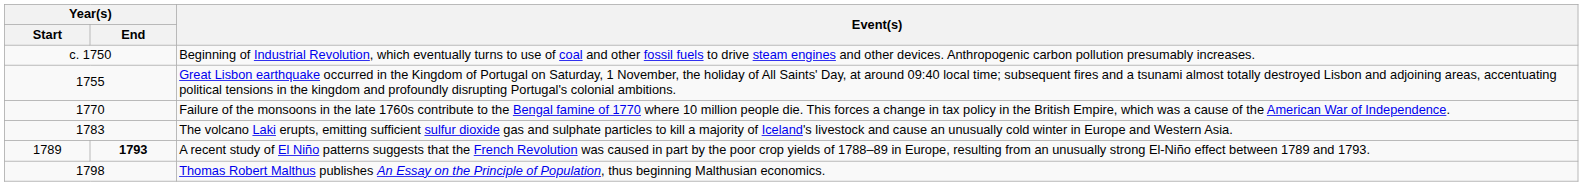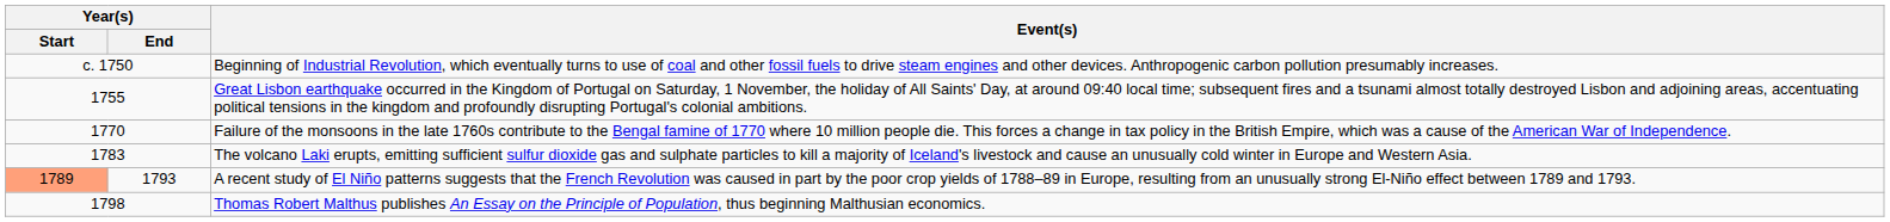 <table class="wikitable">
 <tr>
 <th colspan="2">Year(s)</th>
 <th rowspan="2">Event(s)</th>
 </tr>
 <tr>
 <th style="width:100px;">Start</th>
 <th style="width:100px;">End</th>
 </tr>
 <tr>
 <td colspan="2" style="text-align:center;">c. 1750</td>
 <td>Beginning of <a href='#'>Industrial Revolution</a>, which eventually turns to use of <a href='#'>coal</a> and other <a href='#'>fossil fuels</a> to drive <a href='#'>steam engines</a> and other devices.  Anthropogenic carbon pollution presumably increases.</td>
 </tr>
 <tr>
 <td colspan="2" style="text-align:center;">1755</td>
 <td><a href='#'>Great Lisbon earthquake</a> occurred in the Kingdom of Portugal on Saturday, 1 November, the holiday of All Saints' Day, at around 09:40 local time; subsequent fires and a tsunami almost totally destroyed Lisbon and adjoining areas, accentuating political tensions in the kingdom  and profoundly disrupting Portugal's colonial ambitions.</td>
 </tr>
 <tr>
 <td colspan="2" style="text-align:center;">1770</td>
 <td>Failure of the monsoons in the late 1760s contribute to the <a href='#'>Bengal famine of 1770</a> where 10 million people die.  This forces a change in tax policy in the British Empire, which was a cause of the <a href='#'>American War of Independence</a>.</td>
 </tr>
 <tr>
 <td colspan="2" style="text-align:center;">1783</td>
 <td>The volcano <a href='#'>Laki</a> erupts, emitting sufficient <a href='#'>sulfur dioxide</a> gas and sulphate particles to kill a majority of <a href='#'>Iceland</a>'s livestock and cause an unusually cold winter in Europe and Western Asia.</td>
 </tr>
 <tr>
-<td style="text-align:center;">1789</td>
-<td style="text-align:center;"><strong>1793</strong></td>
+<td style="background: lightsalmon; text-align:center;">1789</td>
+<td style="text-align:center;">1793</td>
 <td>A recent study of <a href='#'>El Niño</a> patterns suggests that the <a href='#'>French Revolution</a> was caused in part by the poor crop yields of 1788–89 in Europe, resulting from an unusually strong El-Niño effect between 1789 and 1793.</td>
 </tr>
 <tr>
 <td colspan="2" style="text-align:center;">1798</td>
 <td><a href='#'>Thomas Robert Malthus</a> publishes <em><a href='#'>An Essay on the Principle of Population</a></em>, thus beginning Malthusian economics.</td>
 </tr>
 </table>
